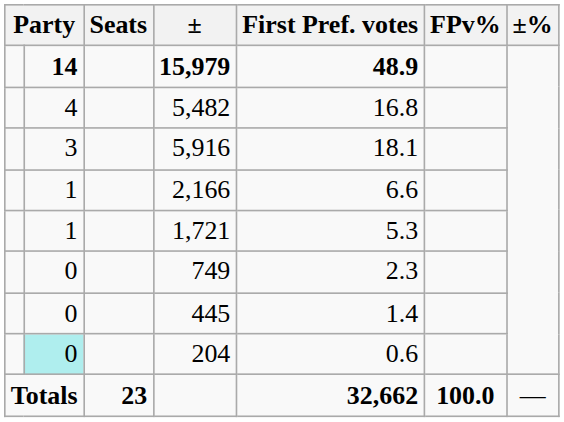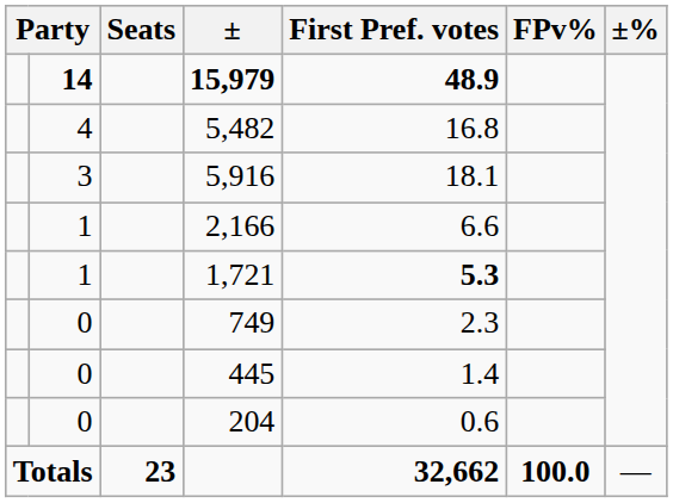 <table class=wikitable>
 <tr>
 <th colspan=2 align=center>Party</th>
 <th valign=top>Seats</th>
 <th valign=top>±</th>
 <th valign=top>First Pref. votes</th>
 <th valign=top>FPv%</th>
 <th valign=top>±%</th>
 </tr>
 <tr>
 <td></td>
 <td align=right><strong>14</strong></td>
 <td align=right></td>
 <td align=right><strong>15,979</strong></td>
 <td align=right><strong>48.9</strong></td>
 <td align=right></td>
 </tr>
 <tr>
 <td></td>
 <td align=right>4</td>
 <td align=right></td>
 <td align=right>5,482</td>
 <td align=right>16.8</td>
 <td align=right></td>
 </tr>
 <tr>
 <td></td>
 <td align=right>3</td>
 <td align=right></td>
 <td align=right>5,916</td>
 <td align=right>18.1</td>
 <td align=right></td>
 </tr>
 <tr>
 <td></td>
 <td align=right>1</td>
 <td align=right></td>
 <td align=right>2,166</td>
 <td align=right>6.6</td>
 <td align=right></td>
 </tr>
 <tr>
 <td></td>
 <td align=right>1</td>
 <td align=right></td>
 <td align=right>1,721</td>
-<td align=right>5.3</td>
+<td align=right><strong>5.3</strong></td>
 <td align=right></td>
 </tr>
 <tr>
 <td></td>
 <td align=right>0</td>
 <td align=right></td>
 <td align=right>749</td>
 <td align=right>2.3</td>
 <td align=right></td>
 </tr>
 <tr>
 <td></td>
 <td align=right>0</td>
 <td align=right></td>
 <td align=right>445</td>
 <td align=right>1.4</td>
 <td align=right></td>
 </tr>
 <tr>
 <td></td>
-<td align=right style="background: paleturquoise;">0</td>
+<td align=right>0</td>
 <td align=right></td>
 <td align=right>204</td>
 <td align=right>0.6</td>
 <td align=right></td>
 </tr>
 <tr>
 <td colspan=2 align=center><strong>Totals</strong></td>
 <td align=right><strong>23</strong></td>
 <td align=center></td>
 <td align=right><strong>32,662</strong></td>
 <td align=center><strong>100.0</strong></td>
 <td align=center>—</td>
 </tr>
 </table>
